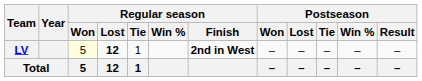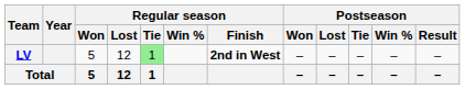 <table class="wikitable" style="font-size: 95%; text-align:center;">
 <tr>
 <th rowspan="2">Team</th>
 <th rowspan="2">Year</th>
 <th colspan="5">Regular season</th>
 <th colspan="5">Postseason</th>
 </tr>
 <tr>
 <th>Won</th>
 <th>Lost</th>
 <th>Tie</th>
 <th>Win %</th>
 <th>Finish</th>
 <th>Won</th>
 <th>Lost</th>
 <th>Tie</th>
 <th>Win %</th>
 <th>Result</th>
 </tr>
 <tr>
 <th><a href='#'>LV</a></th>
 <th></th>
-<td style="background: lightyellow;">5</td>
-<td><strong>12</strong></td>
-<td>1</td>
+<td>5</td>
+<td>12</td>
+<td style="background: lightgreen;">1</td>
 <td></td>
 <td><strong>2nd in West</strong></td>
 <td>–</td>
 <td>–</td>
 <td>–</td>
 <td>–</td>
 <td>–</td>
 </tr>
 <tr>
 <th colspan="2">Total</th>
 <th>5</th>
 <th>12</th>
 <th>1</th>
 <th></th>
 <th></th>
 <th>–</th>
 <th>–</th>
 <th>–</th>
 <th>–</th>
 <th>–</th>
 </tr>
 </table>
